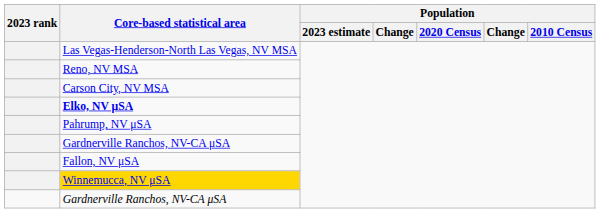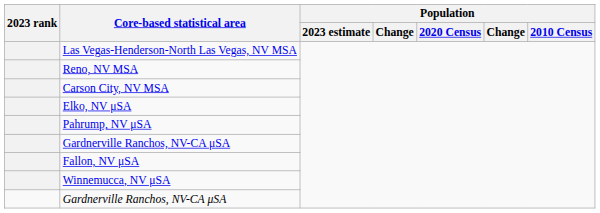 <table class="wikitable sortable">
 <tr>
 <th scope=col rowspan=2>2023 rank</th>
 <th scope=col rowspan=2><a href='#'>Core-based statistical area</a></th>
 <th colspan=5>Population</th>
 </tr>
 <tr>
 <th scope=col>2023 estimate</th>
 <th scope=col>Change</th>
 <th scope=col><a href='#'>2020 Census</a></th>
 <th scope=col>Change</th>
 <th scope=col><a href='#'>2010 Census</a></th>
 </tr>
 <tr>
 <th scope=row></th>
 <td><a href='#'>Las Vegas-Henderson-North Las Vegas, NV MSA</a><br></td>
 </tr>
 <tr>
 <th scope=row></th>
 <td><a href='#'>Reno, NV MSA</a><br></td>
 </tr>
 <tr>
 <th scope=row></th>
 <td><a href='#'>Carson City, NV MSA</a><br></td>
 </tr>
 <tr>
 <th scope=row></th>
-<td><strong><a href='#'>Elko, NV μSA</a><br></strong></td>
+<td><a href='#'>Elko, NV μSA</a><br></td>
 </tr>
 <tr>
 <th scope=row></th>
 <td><a href='#'>Pahrump, NV μSA</a><br></td>
 </tr>
 <tr>
 <th scope=row></th>
 <td><a href='#'>Gardnerville Ranchos, NV-CA μSA</a><br></td>
 </tr>
 <tr>
 <th scope=row></th>
 <td><a href='#'>Fallon, NV μSA</a><br></td>
 </tr>
 <tr>
 <th scope=row></th>
-<td style="background: gold;"><a href='#'>Winnemucca, NV μSA</a><br></td>
+<td><a href='#'>Winnemucca, NV μSA</a><br></td>
 </tr>
 <tr>
 <td></td>
 <td><em><span>Gardnerville Ranchos, NV-CA μSA</span></em><br></td>
 </tr>
 </table>
